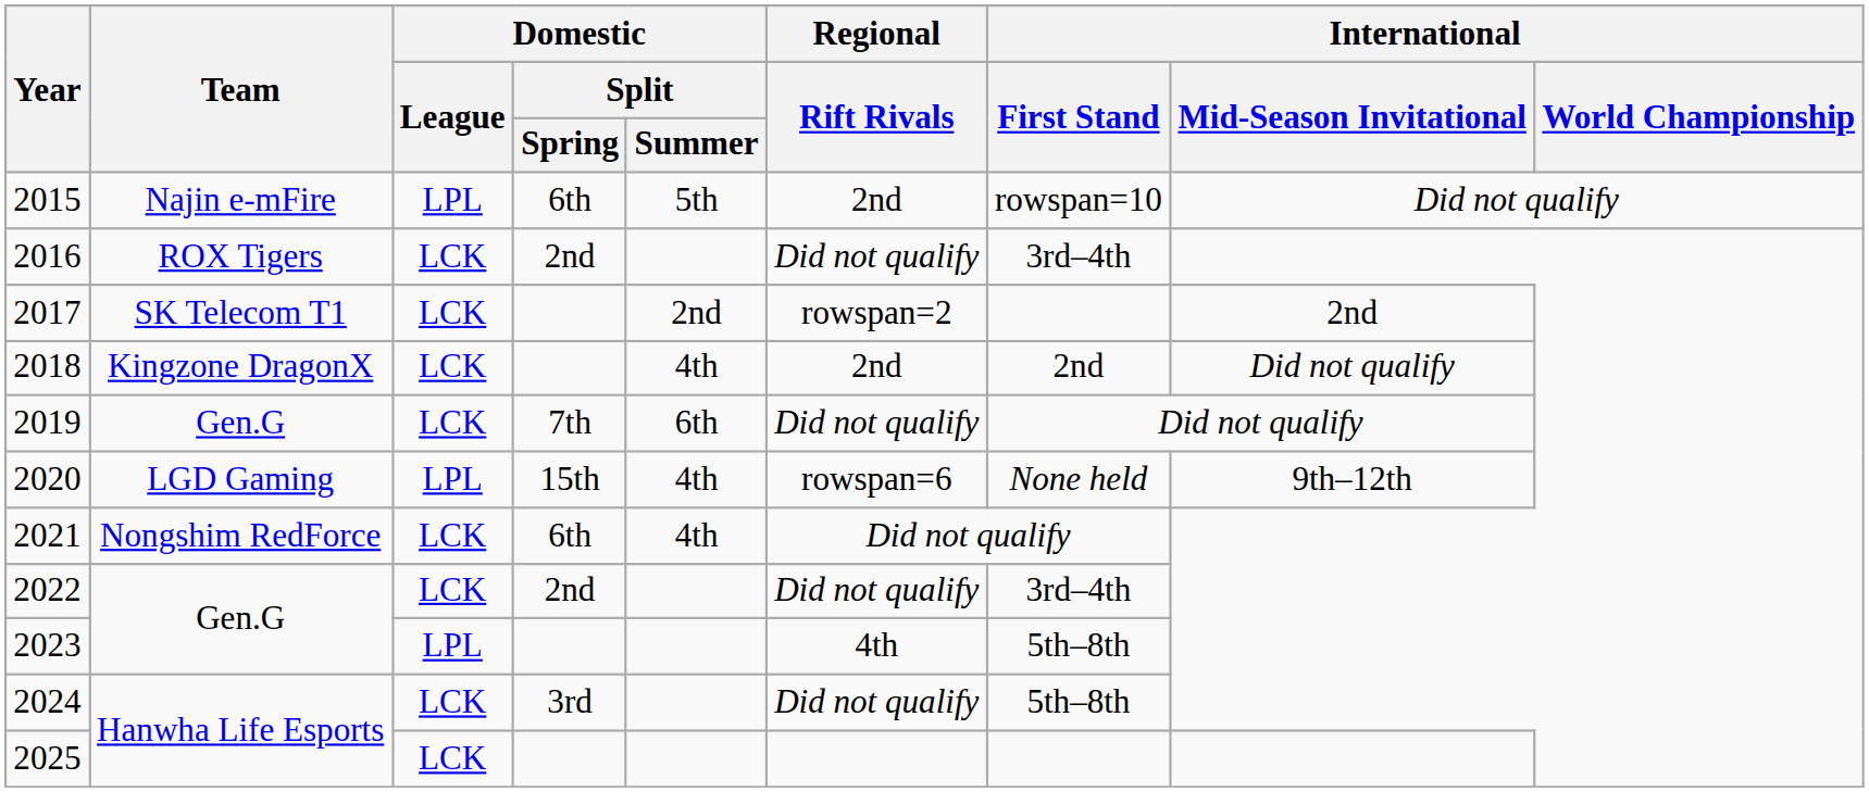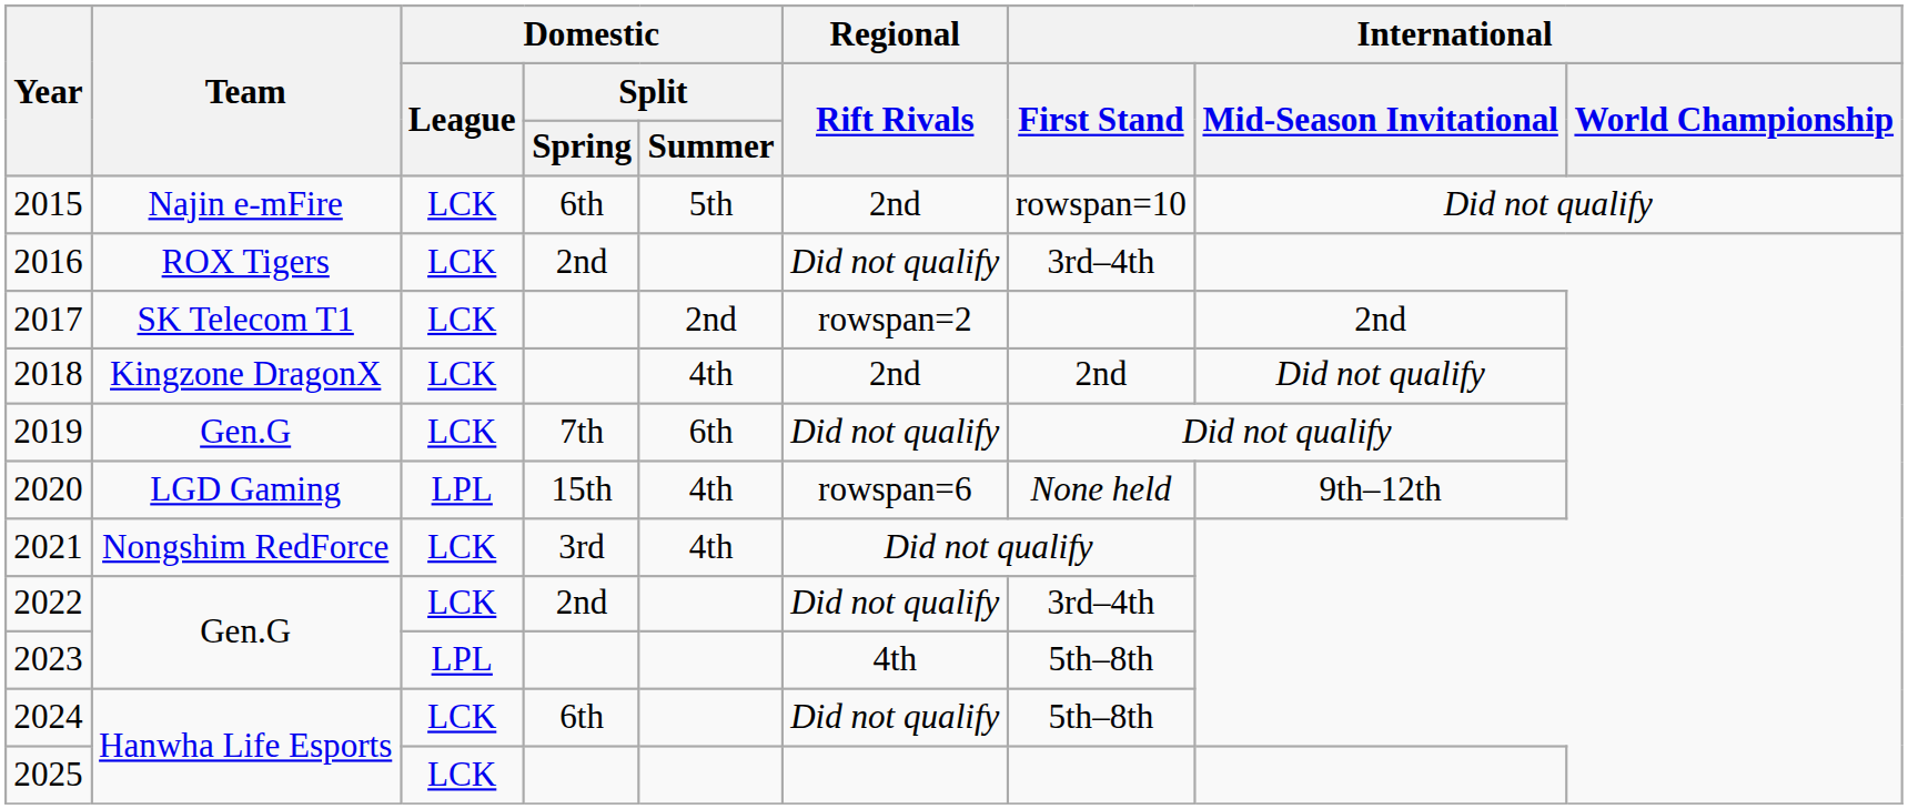 <table class="wikitable" style="font-size:90%; text-align:center;">
 <tr style="background:#f0f6ff;">
 <th rowspan=3>Year</th>
 <th rowspan=3>Team</th>
 <th colspan=3>Domestic</th>
 <th>Regional</th>
 <th colspan=3>International</th>
 </tr>
 <tr>
 <th rowspan=2>League</th>
 <th colspan=2>Split</th>
 <th rowspan=2><a href='#'>Rift Rivals</a></th>
 <th rowspan=2><a href='#'>First Stand</a></th>
 <th rowspan=2><a href='#'>Mid-Season Invitational</a></th>
 <th rowspan=2><a href='#'>World Championship</a></th>
 </tr>
 <tr>
 <th>Spring</th>
 <th>Summer</th>
 </tr>
 <tr>
 <td>2015</td>
 <td><a href='#'>Najin e-mFire</a></td>
-<td><a href='#'>LPL</a></td>
+<td><a href='#'>LCK</a></td>
 <td>6th</td>
 <td>5th</td>
 <td>2nd</td>
 <td>rowspan=10 </td>
 <td colspan=2><em>Did not qualify</em></td>
 </tr>
 <tr>
 <td>2016</td>
 <td><a href='#'>ROX Tigers</a></td>
 <td><a href='#'>LCK</a></td>
 <td>2nd</td>
 <td></td>
 <td><em>Did not qualify</em></td>
 <td>3rd–4th</td>
 </tr>
 <tr>
 <td>2017</td>
 <td><a href='#'>SK Telecom T1</a></td>
 <td><a href='#'>LCK</a></td>
 <td></td>
 <td>2nd</td>
 <td>rowspan=2 </td>
 <td></td>
 <td>2nd</td>
 </tr>
 <tr>
 <td>2018</td>
 <td><a href='#'>Kingzone DragonX</a></td>
 <td><a href='#'>LCK</a></td>
 <td></td>
 <td>4th</td>
 <td>2nd</td>
 <td>2nd</td>
 <td><em>Did not qualify</em></td>
 </tr>
 <tr>
 <td>2019</td>
 <td><a href='#'>Gen.G</a></td>
 <td><a href='#'>LCK</a></td>
 <td>7th</td>
 <td>6th</td>
 <td><em>Did not qualify</em></td>
 <td colspan=2><em>Did not qualify</em></td>
 </tr>
 <tr>
 <td>2020</td>
 <td><a href='#'>LGD Gaming</a></td>
 <td><a href='#'>LPL</a></td>
 <td>15th</td>
 <td>4th</td>
 <td>rowspan=6 </td>
 <td><em>None held</em></td>
 <td>9th–12th</td>
 </tr>
 <tr>
 <td>2021</td>
 <td><a href='#'>Nongshim RedForce</a></td>
 <td><a href='#'>LCK</a></td>
-<td>6th</td>
+<td>3rd</td>
 <td>4th</td>
 <td colspan=2><em>Did not qualify</em></td>
 </tr>
 <tr>
 <td>2022</td>
 <td rowspan="2">Gen.G</td>
 <td><a href='#'>LCK</a></td>
 <td>2nd</td>
 <td></td>
 <td><em>Did not qualify</em></td>
 <td>3rd–4th</td>
 </tr>
 <tr>
 <td>2023</td>
 <td><a href='#'>LPL</a></td>
 <td></td>
 <td></td>
 <td>4th</td>
 <td>5th–8th</td>
 </tr>
 <tr>
 <td>2024</td>
 <td rowspan="2"><a href='#'>Hanwha Life Esports</a></td>
 <td><a href='#'>LCK</a></td>
-<td>3rd</td>
+<td>6th</td>
 <td></td>
 <td><em>Did not qualify</em></td>
 <td>5th–8th</td>
 </tr>
 <tr>
 <td>2025</td>
 <td><a href='#'>LCK</a></td>
 <td></td>
 <td></td>
 <td></td>
 <td></td>
 <td></td>
 </tr>
 </table>
